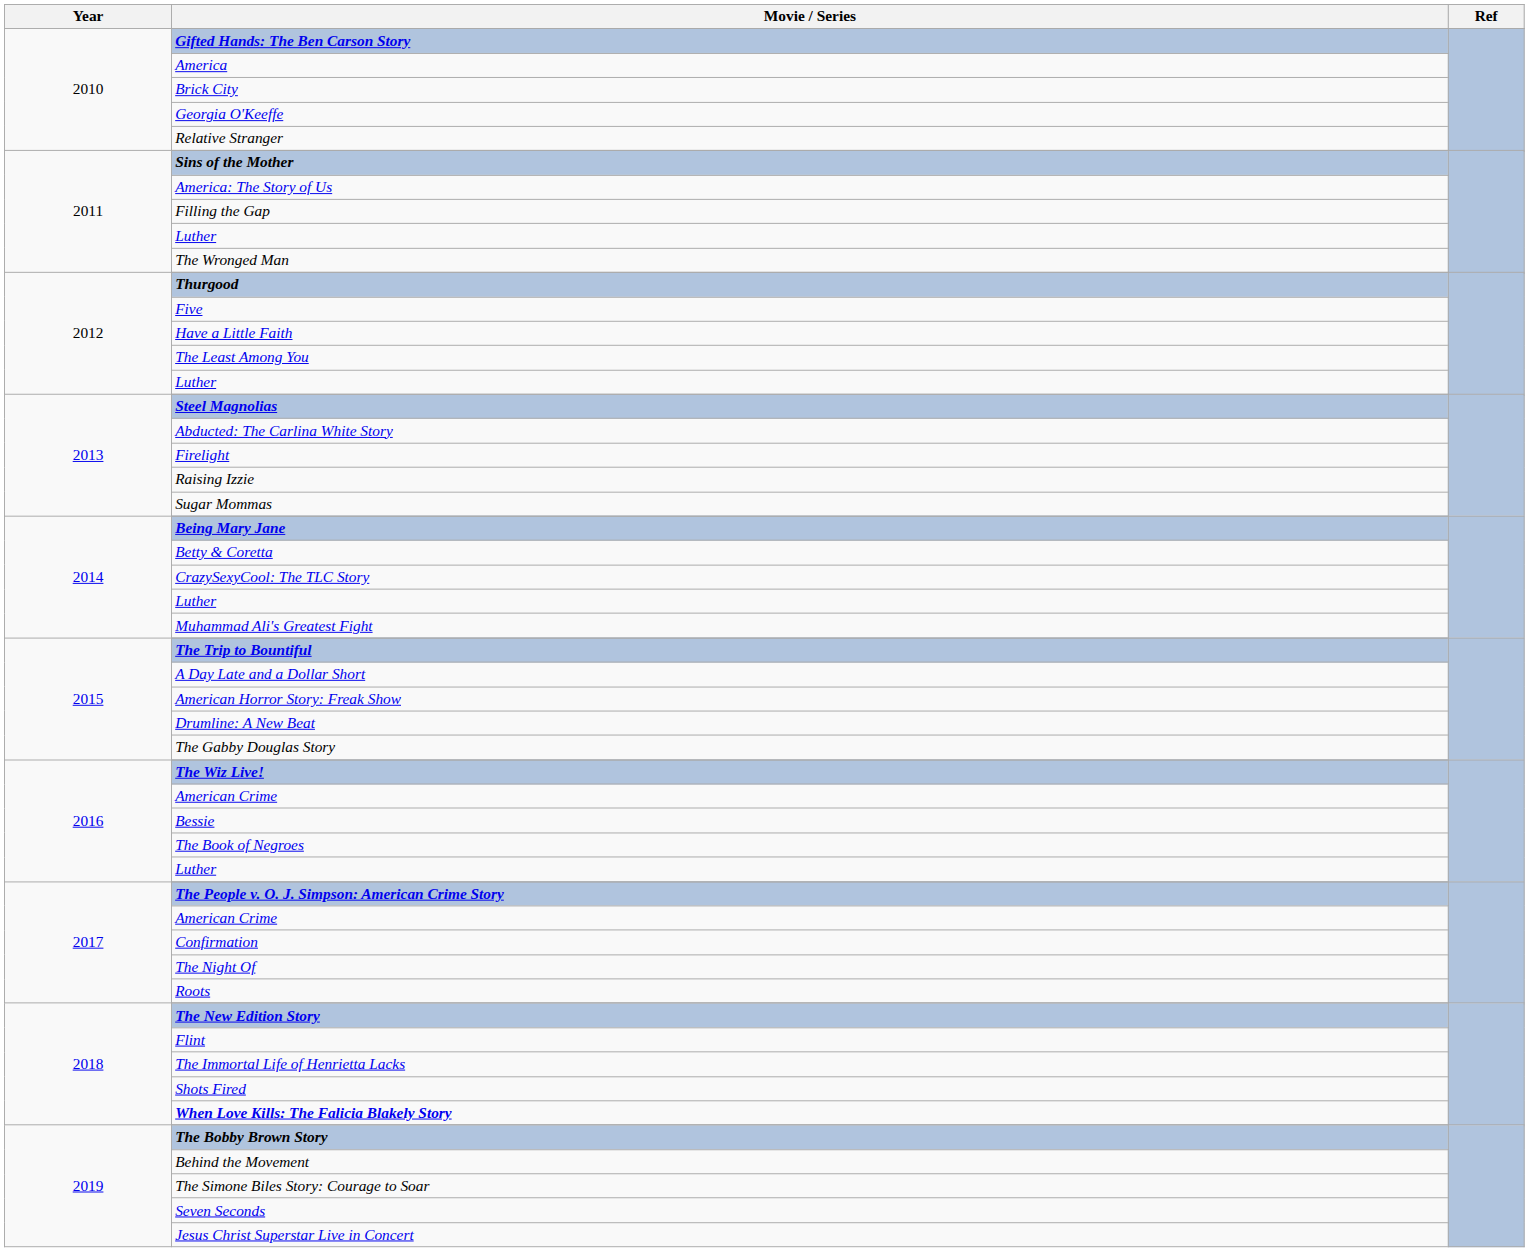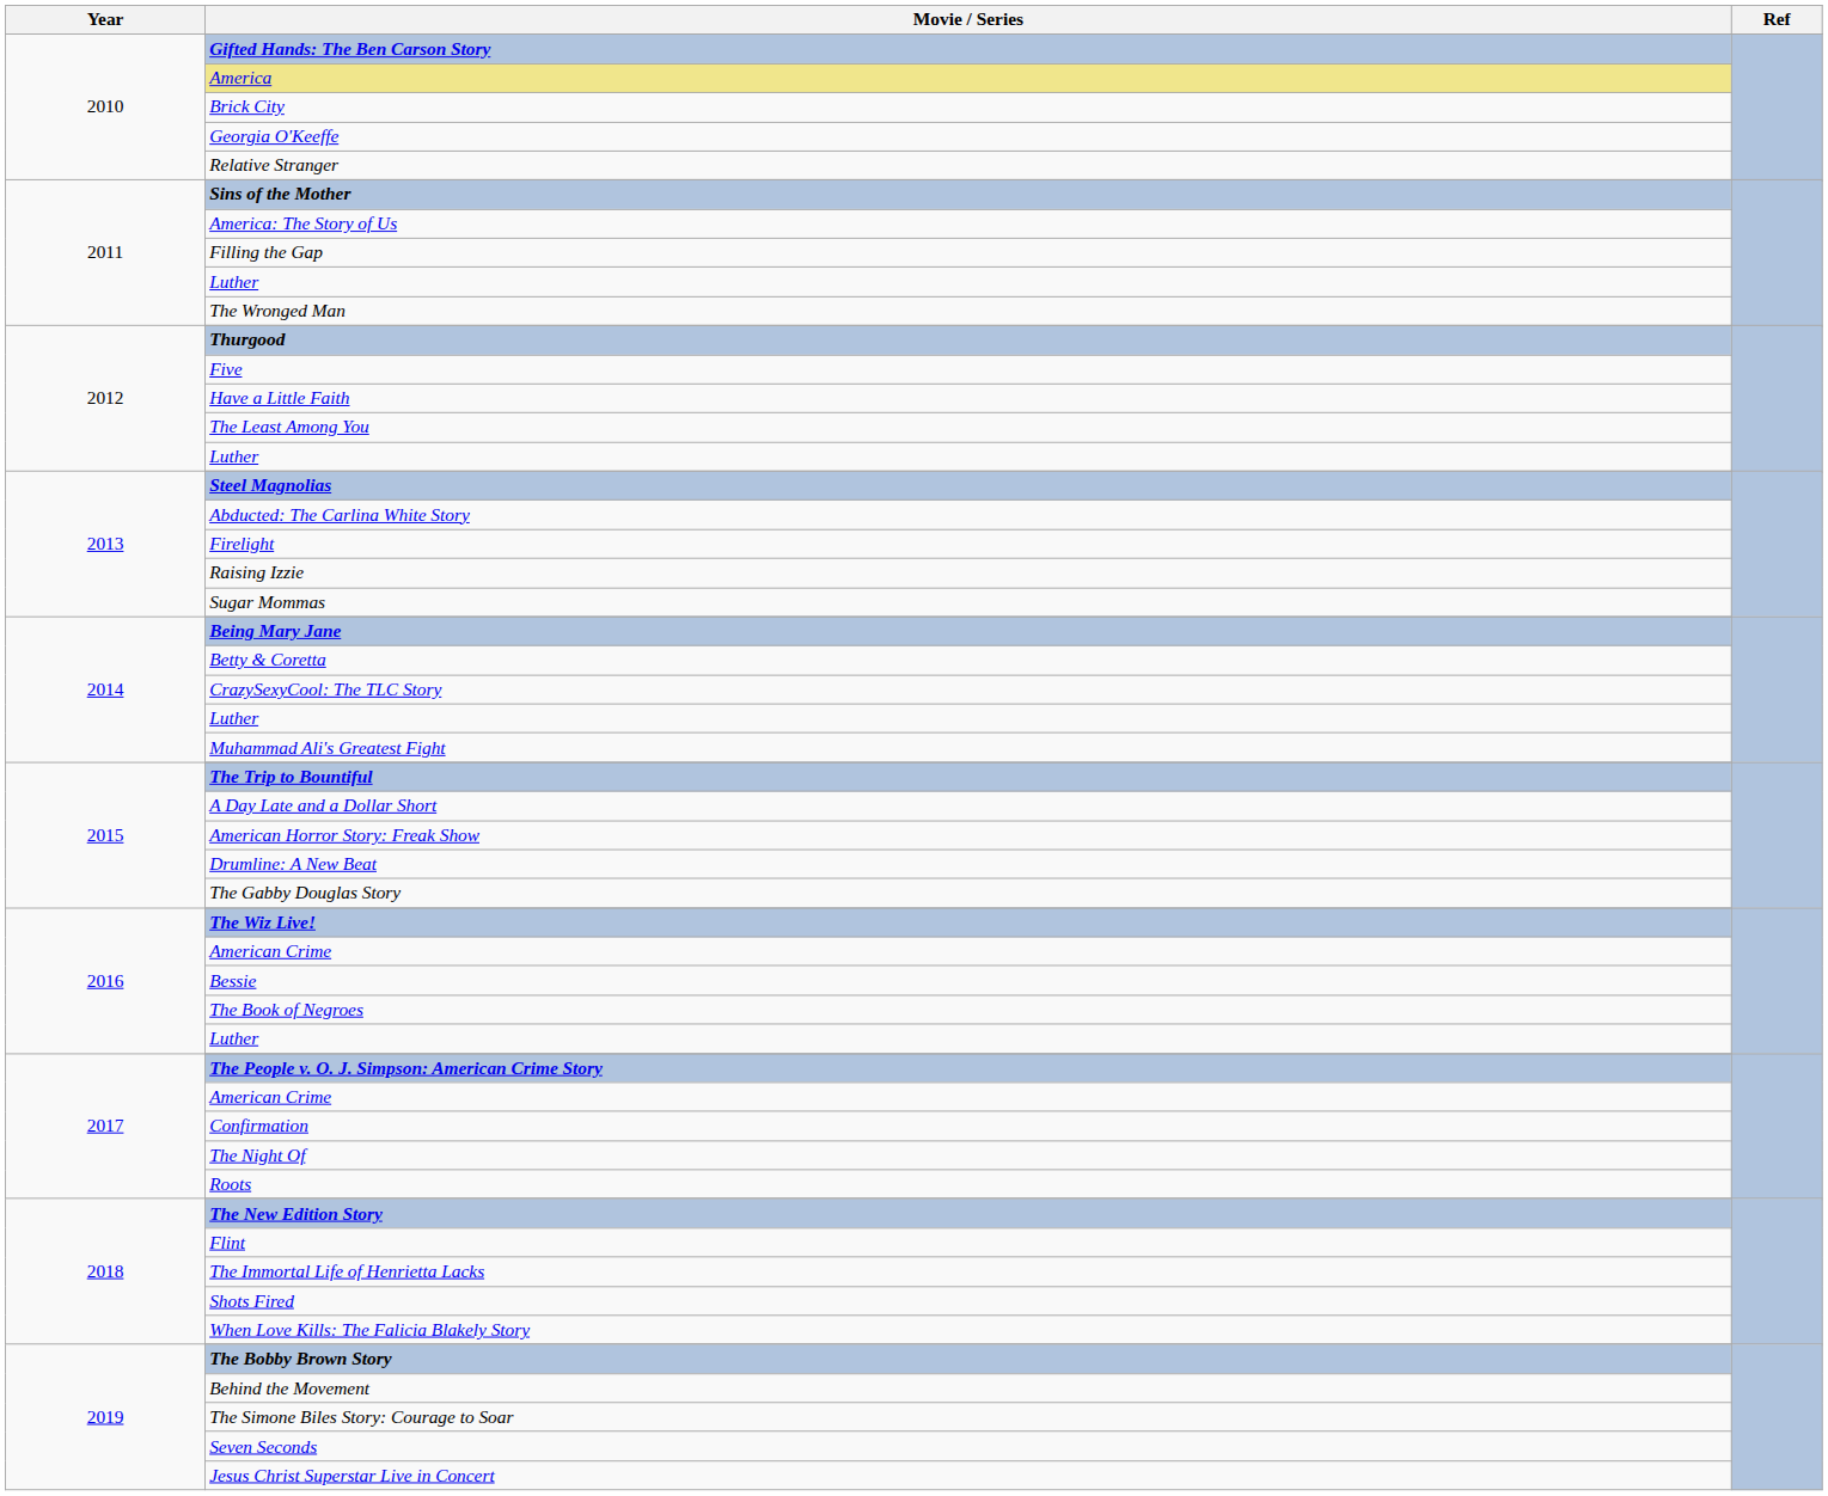 <table class="wikitable" style="width:100%;">
 <tr style="background:#bebebe;">
 <th style="width:11%;">Year</th>
 <th style="width:84%;">Movie / Series</th>
 <th style="width:5%;">Ref</th>
 </tr>
 <tr>
 <td rowspan="6" align="center">2010</td>
 </tr>
 <tr style="background:#B0C4DE">
 <td><strong><em><a href='#'>Gifted Hands: The Ben Carson Story</a></em></strong></td>
 <td rowspan="6" align="center"></td>
 </tr>
 <tr>
-<td><em><a href='#'>America</a></em></td>
+<td style="background: khaki;"><em><a href='#'>America</a></em></td>
 </tr>
 <tr>
 <td><em><a href='#'>Brick City</a></em></td>
 </tr>
 <tr>
 <td><em><a href='#'>Georgia O'Keeffe</a></em></td>
 </tr>
 <tr>
 <td><em>Relative Stranger</em></td>
 </tr>
 <tr>
 <td rowspan="6" align="center">2011</td>
 </tr>
 <tr style="background:#B0C4DE">
 <td><strong><em>Sins of the Mother</em></strong></td>
 <td rowspan="6" align="center"></td>
 </tr>
 <tr>
 <td><em><a href='#'>America: The Story of Us</a></em> </td>
 </tr>
 <tr>
 <td><em>Filling the Gap</em></td>
 </tr>
 <tr>
 <td><em><a href='#'>Luther</a></em></td>
 </tr>
 <tr>
 <td><em>The Wronged Man</em></td>
 </tr>
 <tr>
 <td rowspan="6" align="center">2012</td>
 </tr>
 <tr style="background:#B0C4DE">
 <td><strong><em>Thurgood</em></strong></td>
 <td rowspan="6" align="center"></td>
 </tr>
 <tr>
 <td><em><a href='#'>Five</a></em></td>
 </tr>
 <tr>
 <td><em><a href='#'>Have a Little Faith</a></em></td>
 </tr>
 <tr>
 <td><em><a href='#'>The Least Among You</a></em></td>
 </tr>
 <tr>
 <td><em><a href='#'>Luther</a></em></td>
 </tr>
 <tr>
 <td rowspan="6" align="center"><a href='#'>2013</a></td>
 </tr>
 <tr style="background:#B0C4DE">
 <td><strong><em><a href='#'>Steel Magnolias</a></em></strong></td>
 <td rowspan="6" align="center"></td>
 </tr>
 <tr>
 <td><em><a href='#'>Abducted: The Carlina White Story</a></em></td>
 </tr>
 <tr>
 <td><em><a href='#'>Firelight</a></em></td>
 </tr>
 <tr>
 <td><em>Raising Izzie</em></td>
 </tr>
 <tr>
 <td><em>Sugar Mommas</em></td>
 </tr>
 <tr>
 <td rowspan="6" align="center"><a href='#'>2014</a></td>
 </tr>
 <tr style="background:#B0C4DE">
 <td><strong><em><a href='#'>Being Mary Jane</a></em></strong></td>
 <td rowspan="6" align="center"></td>
 </tr>
 <tr>
 <td><em><a href='#'>Betty & Coretta</a></em></td>
 </tr>
 <tr>
 <td><em><a href='#'>CrazySexyCool: The TLC Story</a></em></td>
 </tr>
 <tr>
 <td><em><a href='#'>Luther</a></em></td>
 </tr>
 <tr>
 <td><em><a href='#'>Muhammad Ali's Greatest Fight</a></em></td>
 </tr>
 <tr>
 <td rowspan="6" align="center"><a href='#'>2015</a></td>
 </tr>
 <tr style="background:#B0C4DE">
 <td><strong><em><a href='#'>The Trip to Bountiful</a></em></strong></td>
 <td rowspan="6" align="center"></td>
 </tr>
 <tr>
 <td><em><a href='#'>A Day Late and a Dollar Short</a></em></td>
 </tr>
 <tr>
 <td><em><a href='#'>American Horror Story: Freak Show</a></em></td>
 </tr>
 <tr>
 <td><em><a href='#'>Drumline: A New Beat</a></em></td>
 </tr>
 <tr>
 <td><em>The Gabby Douglas Story</em></td>
 </tr>
 <tr>
 <td rowspan="6" align="center"><a href='#'>2016</a></td>
 </tr>
 <tr style="background:#B0C4DE">
 <td><strong><em><a href='#'>The Wiz Live!</a></em></strong></td>
 <td rowspan="6" align="center"></td>
 </tr>
 <tr>
 <td><em><a href='#'>American Crime</a></em></td>
 </tr>
 <tr>
 <td><em><a href='#'>Bessie</a></em></td>
 </tr>
 <tr>
 <td><em><a href='#'>The Book of Negroes</a></em></td>
 </tr>
 <tr>
 <td><em><a href='#'>Luther</a></em></td>
 </tr>
 <tr>
 <td rowspan="6" align="center"><a href='#'>2017</a></td>
 </tr>
 <tr style="background:#B0C4DE">
 <td><strong><em><a href='#'>The People v. O. J. Simpson: American Crime Story</a></em></strong></td>
 <td rowspan="6" align="center"></td>
 </tr>
 <tr>
 <td><em><a href='#'>American Crime</a></em></td>
 </tr>
 <tr>
 <td><em><a href='#'>Confirmation</a></em></td>
 </tr>
 <tr>
 <td><em><a href='#'>The Night Of</a></em></td>
 </tr>
 <tr>
 <td><em><a href='#'>Roots</a></em></td>
 </tr>
 <tr>
 <td rowspan="6" align="center"><a href='#'>2018</a></td>
 </tr>
 <tr style="background:#B0C4DE">
 <td><strong><em><a href='#'>The New Edition Story</a></em></strong></td>
 <td rowspan="6" align="center"></td>
 </tr>
 <tr>
 <td><em><a href='#'>Flint</a></em></td>
 </tr>
 <tr>
 <td><em><a href='#'>The Immortal Life of Henrietta Lacks</a></em></td>
 </tr>
 <tr>
 <td><em><a href='#'>Shots Fired</a></em></td>
 </tr>
 <tr>
-<td><strong><em><a href='#'>When Love Kills: The Falicia Blakely Story</a></em></strong></td>
+<td><em><a href='#'>When Love Kills: The Falicia Blakely Story</a></em></td>
 </tr>
 <tr>
 <td rowspan="6" align="center"><a href='#'>2019</a></td>
 </tr>
 <tr style="background:#B0C4DE">
 <td><strong><em>The Bobby Brown Story</em></strong></td>
 <td rowspan="6" align="center"></td>
 </tr>
 <tr>
 <td><em>Behind the Movement</em></td>
 </tr>
 <tr>
 <td><em>The Simone Biles Story: Courage to Soar</em></td>
 </tr>
 <tr>
 <td><em><a href='#'>Seven Seconds</a></em></td>
 </tr>
 <tr>
 <td><em><a href='#'>Jesus Christ Superstar Live in Concert</a></em></td>
 </tr>
 </table>
